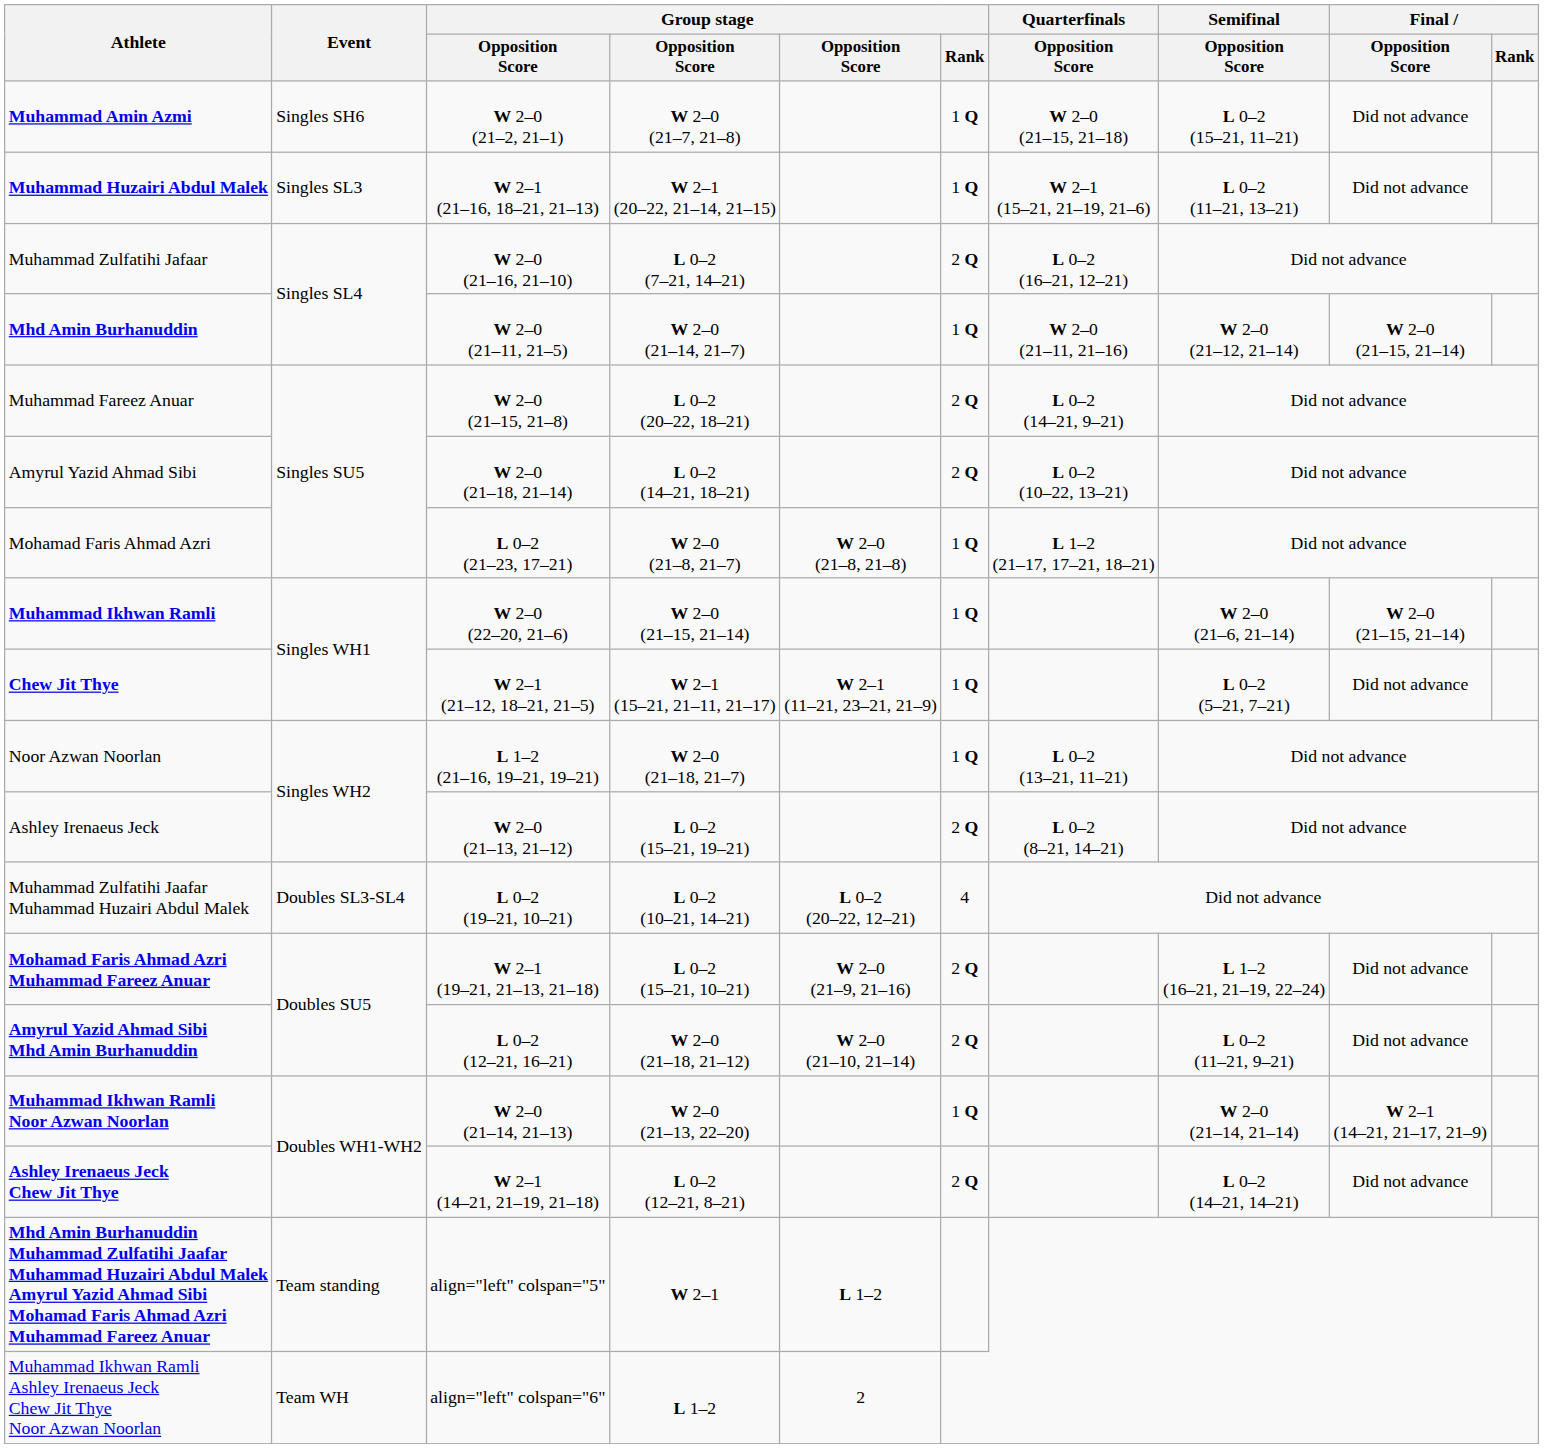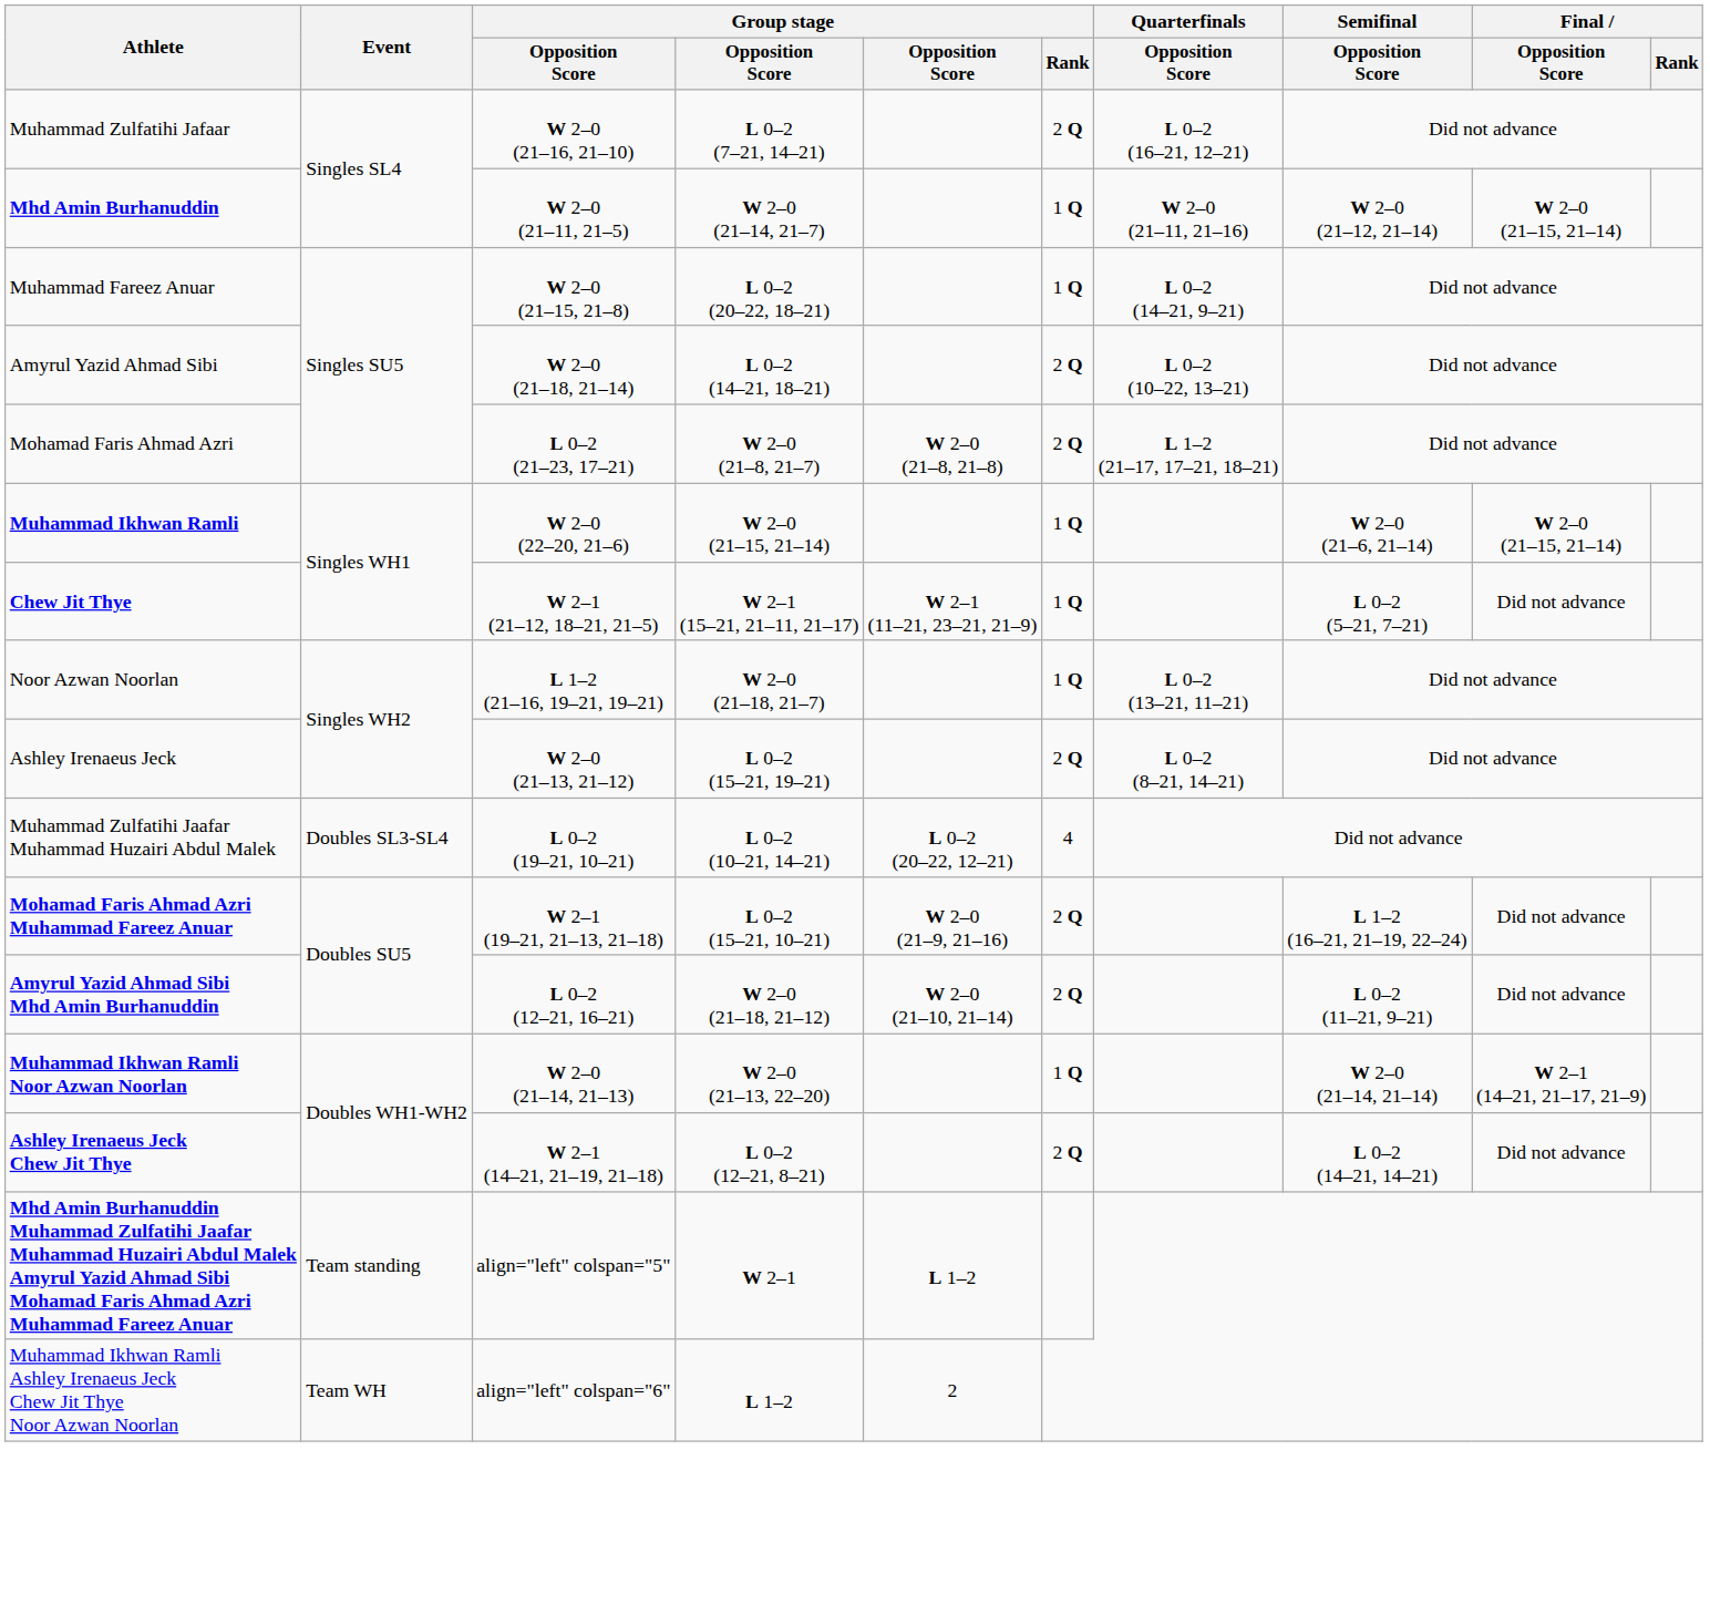 <table class="wikitable" style="font-size:90%; text-align:center">
 <tr>
 <th rowspan="2">Athlete</th>
 <th rowspan="2">Event</th>
 <th colspan="4">Group stage</th>
 <th>Quarterfinals</th>
 <th>Semifinal</th>
 <th colspan="2">Final / </th>
 </tr>
 <tr style="font-size:95%">
 <th>Opposition<br>Score</th>
 <th>Opposition<br>Score</th>
 <th>Opposition<br>Score</th>
 <th>Rank</th>
 <th>Opposition<br>Score</th>
 <th>Opposition<br>Score</th>
 <th>Opposition<br>Score</th>
 <th>Rank</th>
-</tr>
-<tr>
-<td align="left"><strong><a href='#'>Muhammad Amin Azmi</a></strong></td>
-<td align="left">Singles SH6</td>
-<td><br><strong>W</strong> 2–0<br>(21–2, 21–1)</td>
-<td><br><strong>W</strong> 2–0<br>(21–7, 21–8)</td>
-<td></td>
-<td>1 <strong>Q</strong></td>
-<td><br><strong>W</strong> 2–0<br>(21–15, 21–18)</td>
-<td><br><strong>L</strong> 0–2<br>(15–21, 11–21)</td>
-<td>Did not advance</td>
-<td></td>
-</tr>
-<tr>
-<td align="left"><strong><a href='#'>Muhammad Huzairi Abdul Malek</a></strong></td>
-<td align="left">Singles SL3</td>
-<td><br><strong>W</strong> 2–1<br>(21–16, 18–21, 21–13)</td>
-<td><br><strong>W</strong> 2–1<br>(20–22, 21–14, 21–15)</td>
-<td></td>
-<td>1 <strong>Q</strong></td>
-<td><br><strong>W</strong> 2–1<br> (15–21, 21–19, 21–6)</td>
-<td><br><strong>L</strong> 0–2<br>(11–21, 13–21)</td>
-<td>Did not advance</td>
-<td></td>
 </tr>
 <tr>
 <td align="left">Muhammad Zulfatihi Jafaar</td>
 <td align="left" rowspan="2">Singles SL4</td>
 <td><br><strong>W</strong> 2–0<br>(21–16, 21–10)</td>
 <td><br><strong>L</strong> 0–2<br>(7–21, 14–21)</td>
 <td></td>
 <td>2 <strong>Q</strong></td>
 <td><br><strong>L</strong> 0–2<br>(16–21, 12–21)</td>
 <td colspan="3">Did not advance</td>
 </tr>
 <tr>
 <td align="left"><strong><a href='#'>Mhd Amin Burhanuddin</a></strong></td>
 <td><br><strong>W</strong> 2–0<br> (21–11, 21–5)</td>
 <td><br><strong>W</strong> 2–0<br> (21–14, 21–7)</td>
 <td></td>
 <td>1 <strong>Q</strong></td>
 <td><br><strong>W</strong> 2–0<br> (21–11, 21–16)</td>
 <td><br><strong>W</strong> 2–0<br>(21–12, 21–14)</td>
 <td><br><strong>W</strong> 2–0<br> (21–15, 21–14)</td>
 <td></td>
 </tr>
 <tr>
 <td align="left">Muhammad Fareez Anuar</td>
 <td align="left" rowspan="3">Singles SU5</td>
 <td><br><strong>W</strong> 2–0<br> (21–15, 21–8)</td>
 <td><br><strong>L</strong> 0–2<br> (20–22, 18–21)</td>
 <td></td>
-<td>2 <strong>Q</strong></td>
+<td>1 <strong>Q</strong></td>
 <td><br><strong>L</strong> 0–2<br> (14–21, 9–21)</td>
 <td colspan="3">Did not advance</td>
 </tr>
 <tr>
 <td align="left">Amyrul Yazid Ahmad Sibi</td>
 <td><br><strong>W</strong> 2–0<br> (21–18, 21–14)</td>
 <td><br><strong>L</strong> 0–2<br> (14–21, 18–21)</td>
 <td></td>
 <td>2 <strong>Q</strong></td>
 <td><br><strong>L</strong> 0–2<br> (10–22, 13–21)</td>
 <td colspan="3">Did not advance</td>
 </tr>
 <tr>
 <td align="left">Mohamad Faris Ahmad Azri</td>
 <td><br><strong>L</strong> 0–2<br> (21–23, 17–21)</td>
 <td><br><strong>W</strong> 2–0<br> (21–8, 21–7)</td>
 <td><br><strong>W</strong> 2–0<br> (21–8, 21–8)</td>
-<td>1 <strong>Q</strong></td>
+<td>2 <strong>Q</strong></td>
 <td><br><strong>L</strong> 1–2<br> (21–17, 17–21, 18–21)</td>
 <td colspan="3">Did not advance</td>
 </tr>
 <tr>
 <td align="left"><strong><a href='#'>Muhammad Ikhwan Ramli</a></strong></td>
 <td align="left" rowspan="2">Singles WH1</td>
 <td><br><strong>W</strong> 2–0<br> (22–20, 21–6)</td>
 <td><br><strong>W</strong> 2–0<br> (21–15, 21–14)</td>
 <td></td>
 <td>1 <strong>Q</strong></td>
 <td></td>
 <td><br><strong>W</strong> 2–0<br> (21–6, 21–14)</td>
 <td><br><strong>W</strong> 2–0<br> (21–15, 21–14)</td>
 <td></td>
 </tr>
 <tr>
 <td align="left"><strong><a href='#'>Chew Jit Thye</a></strong></td>
 <td><br><strong>W</strong> 2–1<br> (21–12, 18–21, 21–5)</td>
 <td><br><strong>W</strong> 2–1<br> (15–21, 21–11, 21–17)</td>
 <td><br><strong>W</strong> 2–1<br> (11–21, 23–21, 21–9)</td>
 <td>1 <strong>Q</strong></td>
 <td></td>
 <td><br><strong>L</strong> 0–2<br> (5–21, 7–21)</td>
 <td>Did not advance</td>
 <td></td>
 </tr>
 <tr>
 <td align="left">Noor Azwan Noorlan</td>
 <td align="left" rowspan="2">Singles WH2</td>
 <td><br><strong>L</strong> 1–2<br> (21–16, 19–21, 19–21)</td>
 <td><br><strong>W</strong> 2–0<br> (21–18, 21–7)</td>
 <td></td>
 <td>1 <strong>Q</strong></td>
 <td><br><strong>L</strong> 0–2<br> (13–21, 11–21)</td>
 <td colspan="3">Did not advance</td>
 </tr>
 <tr>
 <td align="left">Ashley Irenaeus Jeck</td>
 <td><br><strong>W</strong> 2–0<br> (21–13, 21–12)</td>
 <td><br><strong>L</strong> 0–2<br> (15–21, 19–21)</td>
 <td></td>
 <td>2 <strong>Q</strong></td>
 <td><br><strong>L</strong> 0–2<br> (8–21, 14–21)</td>
 <td colspan="3">Did not advance</td>
 </tr>
 <tr>
 <td align="left">Muhammad Zulfatihi Jaafar<br>Muhammad Huzairi Abdul Malek</td>
 <td align="left">Doubles SL3-SL4</td>
 <td><br><strong>L</strong> 0–2<br> (19–21, 10–21)</td>
 <td><br><strong>L</strong> 0–2<br> (10–21, 14–21)</td>
 <td><br><strong>L</strong> 0–2<br> (20–22, 12–21)</td>
 <td>4</td>
 <td colspan="4">Did not advance</td>
 </tr>
 <tr>
 <td align="left"><strong><a href='#'>Mohamad Faris Ahmad Azri</a><br><a href='#'>Muhammad Fareez Anuar</a></strong></td>
 <td align="left" rowspan="2">Doubles SU5</td>
 <td><br><strong>W</strong> 2–1<br> (19–21, 21–13, 21–18)</td>
 <td><br><strong>L</strong> 0–2<br> (15–21, 10–21)</td>
 <td><br><strong>W</strong> 2–0<br> (21–9, 21–16)</td>
 <td>2 <strong>Q</strong></td>
 <td></td>
 <td><br><strong>L</strong> 1–2<br> (16–21, 21–19, 22–24)</td>
 <td>Did not advance</td>
 <td></td>
 </tr>
 <tr>
 <td align="left"><strong><a href='#'>Amyrul Yazid Ahmad Sibi</a><br><a href='#'>Mhd Amin Burhanuddin</a></strong></td>
 <td><br><strong>L</strong> 0–2<br> (12–21, 16–21)</td>
 <td><br><strong>W</strong> 2–0<br> (21–18, 21–12)</td>
 <td><br><strong>W</strong> 2–0<br> (21–10, 21–14)</td>
 <td>2 <strong>Q</strong></td>
 <td></td>
 <td><br><strong>L</strong> 0–2<br> (11–21, 9–21)</td>
 <td>Did not advance</td>
 <td></td>
 </tr>
 <tr>
 <td align="left"><strong><a href='#'>Muhammad Ikhwan Ramli</a><br><a href='#'>Noor Azwan Noorlan</a></strong></td>
 <td align="left" rowspan="2">Doubles WH1-WH2</td>
 <td><br><strong>W</strong> 2–0<br> (21–14, 21–13)</td>
 <td><br><strong>W</strong> 2–0<br> (21–13, 22–20)</td>
 <td></td>
 <td>1 <strong>Q</strong></td>
 <td></td>
 <td><br><strong>W</strong> 2–0<br> (21–14, 21–14)</td>
 <td><br><strong>W</strong> 2–1<br> (14–21, 21–17, 21–9)</td>
 <td></td>
 </tr>
 <tr>
 <td align="left"><strong><a href='#'>Ashley Irenaeus Jeck</a><br><a href='#'>Chew Jit Thye</a></strong></td>
 <td><br><strong>W</strong> 2–1<br> (14–21, 21–19, 21–18)</td>
 <td><br><strong>L</strong> 0–2<br> (12–21, 8–21)</td>
 <td></td>
 <td>2 <strong>Q</strong></td>
 <td></td>
 <td><br><strong>L</strong> 0–2<br> (14–21, 14–21)</td>
 <td>Did not advance</td>
 <td></td>
 </tr>
 <tr>
 <td align="left"><strong><a href='#'>Mhd Amin Burhanuddin</a><br><a href='#'>Muhammad Zulfatihi Jaafar</a><br><a href='#'>Muhammad Huzairi Abdul Malek</a><br><a href='#'>Amyrul Yazid Ahmad Sibi</a><br><a href='#'>Mohamad Faris Ahmad Azri</a><br><a href='#'>Muhammad Fareez Anuar</a></strong></td>
 <td align="left">Team standing</td>
 <td>align="left" colspan="5" </td>
 <td><br><strong>W</strong> 2–1</td>
 <td><br><strong>L</strong> 1–2</td>
 <td></td>
 </tr>
 <tr>
 <td align="left"><a href='#'>Muhammad Ikhwan Ramli</a><br><a href='#'>Ashley Irenaeus Jeck</a><br><a href='#'>Chew Jit Thye</a><br><a href='#'>Noor Azwan Noorlan</a></td>
 <td align="left">Team WH</td>
 <td>align="left" colspan="6" </td>
 <td><br><strong>L</strong> 1–2</td>
 <td>2</td>
 </tr>
 </table>
